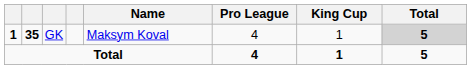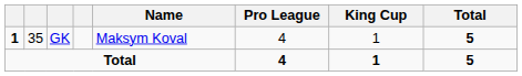 <table class="wikitable" style="text-align:center">
 <tr>
 <th width=15></th>
 <th width=15></th>
 <th width=15></th>
 <th width=15></th>
 <th width=155>Name</th>
 <th width=100>Pro League</th>
 <th width=100>King Cup</th>
 <th width=100>Total</th>
 </tr>
 <tr>
 <td><strong>1</strong></td>
-<td><strong>35</strong></td>
+<td>35</td>
 <td><a href='#'>GK</a></td>
 <td></td>
 <td align=left><a href='#'>Maksym Koval</a></td>
 <td>4</td>
 <td>1</td>
-<td style="background: lightgrey;"><strong>5</strong></td>
+<td><strong>5</strong></td>
 </tr>
 <tr>
 <td colspan=5><strong>Total</strong></td>
 <td><strong>4</strong></td>
 <td><strong>1</strong></td>
 <td><strong>5</strong></td>
 </tr>
 </table>
